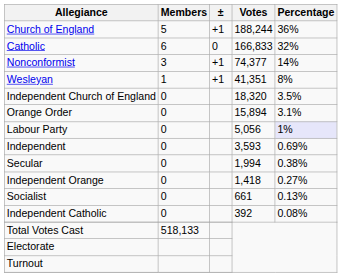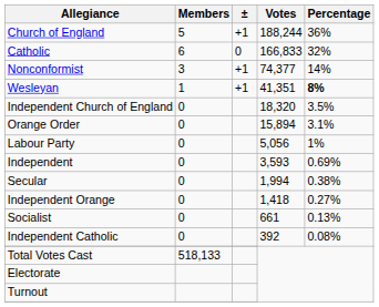 <table class="wikitable">
 <tr>
 <th>Allegiance</th>
 <th>Members</th>
 <th>  ±  </th>
 <th>Votes</th>
 <th>Percentage</th>
 </tr>
 <tr>
 <td><a href='#'>Church of England</a></td>
 <td>5</td>
 <td>+1</td>
 <td>188,244</td>
 <td>36%</td>
 </tr>
 <tr>
 <td><a href='#'>Catholic</a></td>
 <td>6</td>
 <td>0</td>
 <td>166,833</td>
 <td>32%</td>
 </tr>
 <tr>
 <td><a href='#'>Nonconformist</a></td>
 <td>3</td>
 <td>+1</td>
 <td>74,377</td>
 <td>14%</td>
 </tr>
 <tr>
 <td><a href='#'>Wesleyan</a></td>
 <td>1</td>
 <td>+1</td>
 <td>41,351</td>
-<td>8%</td>
+<td><strong>8%</strong></td>
 </tr>
 <tr>
 <td>Independent Church of England</td>
 <td>0</td>
 <td></td>
 <td>18,320</td>
 <td>3.5%</td>
 </tr>
 <tr>
 <td>Orange Order</td>
 <td>0</td>
 <td></td>
 <td>15,894</td>
 <td>3.1%</td>
 </tr>
 <tr>
 <td>Labour Party</td>
 <td>0</td>
 <td></td>
 <td>5,056</td>
-<td style="background: lavender;">1%</td>
+<td>1%</td>
 </tr>
 <tr>
 <td>Independent</td>
 <td>0</td>
 <td></td>
 <td>3,593</td>
 <td>0.69%</td>
 </tr>
 <tr>
 <td>Secular</td>
 <td>0</td>
 <td></td>
 <td>1,994</td>
 <td>0.38%</td>
 </tr>
 <tr>
 <td>Independent Orange</td>
 <td>0</td>
 <td></td>
 <td>1,418</td>
 <td>0.27%</td>
 </tr>
 <tr>
 <td>Socialist</td>
 <td>0</td>
 <td></td>
 <td>661</td>
 <td>0.13%</td>
 </tr>
 <tr>
 <td>Independent Catholic</td>
 <td>0</td>
 <td></td>
 <td>392</td>
 <td>0.08%</td>
 </tr>
 <tr>
 </tr>
 <tr>
 <td>Total Votes Cast</td>
 <td>518,133</td>
 <td></td>
 </tr>
 <tr>
 <td>Electorate</td>
 <td></td>
 <td></td>
 </tr>
 <tr>
 <td>Turnout</td>
 <td></td>
 <td></td>
 </tr>
 <tr>
 </tr>
 </table>
